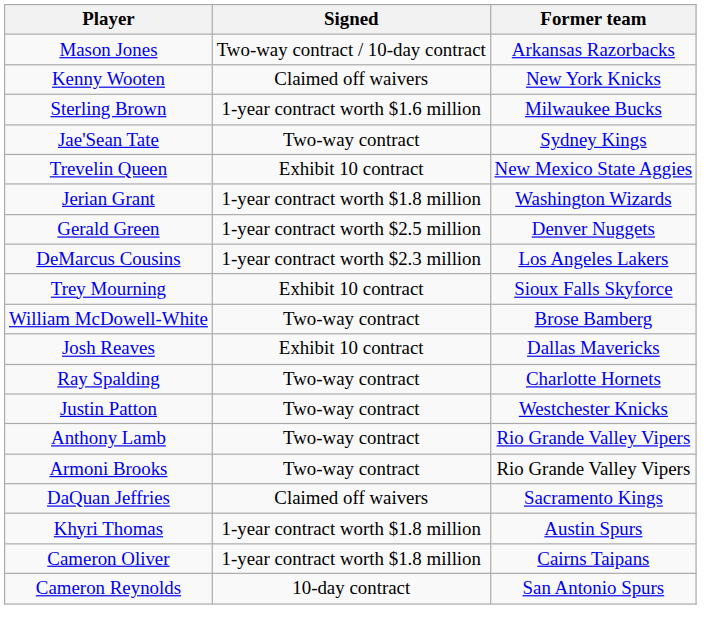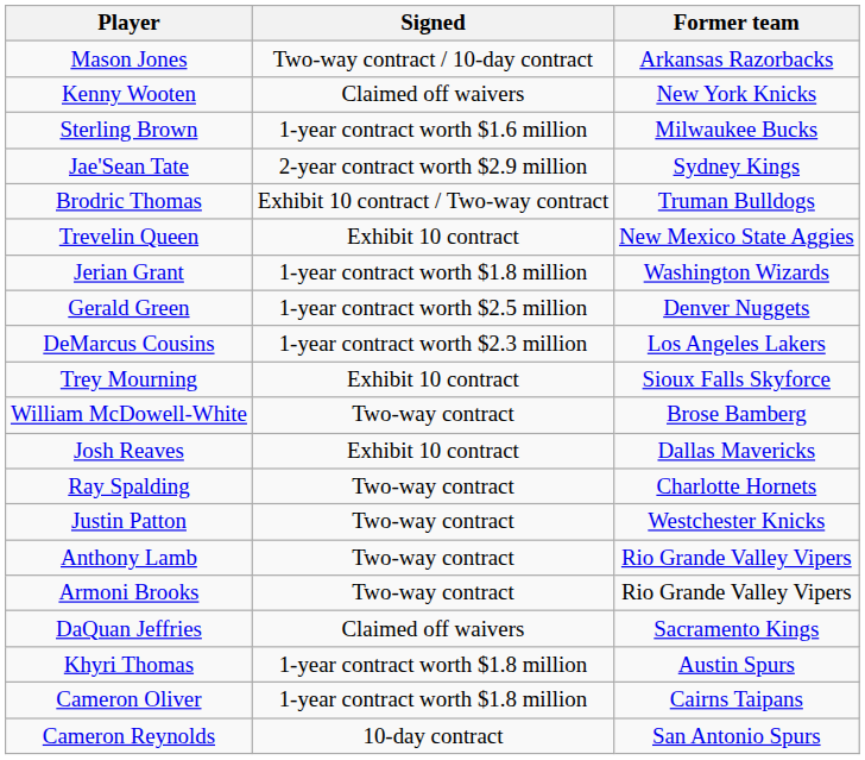 <table class="wikitable sortable sortable" style="text-align: center">
 <tr>
 <th>Player</th>
 <th>Signed</th>
 <th>Former team</th>
 </tr>
 <tr>
 <td><a href='#'>Mason Jones</a></td>
 <td>Two-way contract / 10-day contract</td>
 <td><a href='#'>Arkansas Razorbacks</a></td>
 </tr>
 <tr>
 <td><a href='#'>Kenny Wooten</a></td>
 <td>Claimed off waivers</td>
 <td><a href='#'>New York Knicks</a></td>
 </tr>
 <tr>
 <td><a href='#'>Sterling Brown</a></td>
 <td>1-year contract worth $1.6 million</td>
 <td><a href='#'>Milwaukee Bucks</a></td>
 </tr>
 <tr>
 <td><a href='#'>Jae'Sean Tate</a></td>
-<td>Two-way contract</td>
+<td>2-year contract worth $2.9 million</td>
 <td> <a href='#'>Sydney Kings</a></td>
+</tr>
+<tr>
+<td><a href='#'>Brodric Thomas</a></td>
+<td>Exhibit 10 contract / Two-way contract</td>
+<td><a href='#'>Truman Bulldogs</a></td>
 </tr>
 <tr>
 <td><a href='#'>Trevelin Queen</a></td>
 <td>Exhibit 10 contract</td>
 <td><a href='#'>New Mexico State Aggies</a></td>
 </tr>
 <tr>
 <td><a href='#'>Jerian Grant</a></td>
 <td>1-year contract worth $1.8 million</td>
 <td><a href='#'>Washington Wizards</a></td>
 </tr>
 <tr>
 <td><a href='#'>Gerald Green</a></td>
 <td>1-year contract worth $2.5 million</td>
 <td><a href='#'>Denver Nuggets</a></td>
 </tr>
 <tr>
 <td><a href='#'>DeMarcus Cousins</a></td>
 <td>1-year contract worth $2.3 million</td>
 <td><a href='#'>Los Angeles Lakers</a></td>
 </tr>
 <tr>
 <td><a href='#'>Trey Mourning</a></td>
 <td>Exhibit 10 contract</td>
 <td><a href='#'>Sioux Falls Skyforce</a></td>
 </tr>
 <tr>
 <td><a href='#'>William McDowell-White</a></td>
 <td>Two-way contract</td>
 <td> <a href='#'>Brose Bamberg</a></td>
 </tr>
 <tr>
 <td><a href='#'>Josh Reaves</a></td>
 <td>Exhibit 10 contract</td>
 <td><a href='#'>Dallas Mavericks</a></td>
 </tr>
 <tr>
 <td><a href='#'>Ray Spalding</a></td>
 <td>Two-way contract</td>
 <td><a href='#'>Charlotte Hornets</a></td>
 </tr>
 <tr>
 <td><a href='#'>Justin Patton</a></td>
 <td>Two-way contract</td>
 <td><a href='#'>Westchester Knicks</a></td>
 </tr>
 <tr>
 <td><a href='#'>Anthony Lamb</a></td>
 <td>Two-way contract</td>
 <td><a href='#'>Rio Grande Valley Vipers</a></td>
 </tr>
 <tr>
 <td><a href='#'>Armoni Brooks</a></td>
 <td>Two-way contract</td>
 <td>Rio Grande Valley Vipers</td>
 </tr>
 <tr>
 <td><a href='#'>DaQuan Jeffries</a></td>
 <td>Claimed off waivers</td>
 <td><a href='#'>Sacramento Kings</a></td>
 </tr>
 <tr>
 <td><a href='#'>Khyri Thomas</a></td>
 <td>1-year contract worth $1.8 million</td>
 <td><a href='#'>Austin Spurs</a></td>
 </tr>
 <tr>
 <td><a href='#'>Cameron Oliver</a></td>
 <td>1-year contract worth $1.8 million</td>
 <td> <a href='#'>Cairns Taipans</a></td>
 </tr>
 <tr>
 <td><a href='#'>Cameron Reynolds</a></td>
 <td>10-day contract</td>
 <td><a href='#'>San Antonio Spurs</a></td>
 </tr>
 </table>
